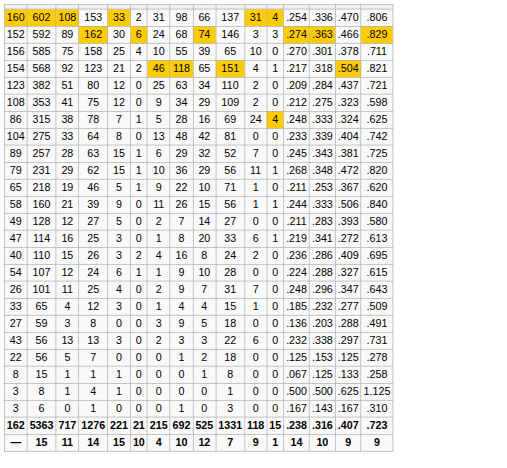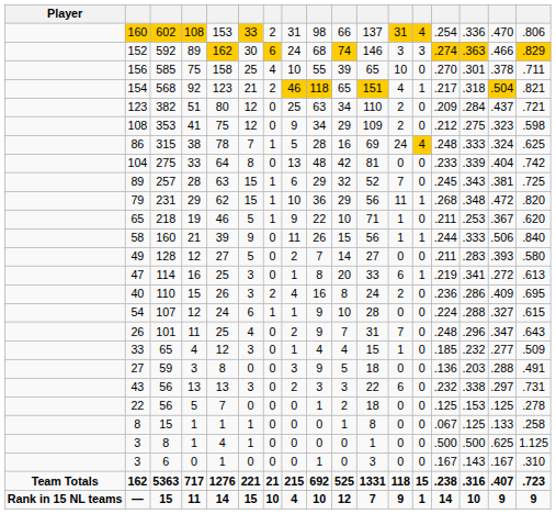 <table class="wikitable sortable">
 <tr>
+<th>Player</th>
 <th></th>
 <th></th>
 <th></th>
 <th></th>
 <th></th>
 <th></th>
 <th></th>
 <th></th>
 <th></th>
 <th></th>
 <th></th>
 <th></th>
 <th></th>
 <th></th>
 <th></th>
 <th></th>
 </tr>
 <tr align=center>
+<td></td>
 <td bgcolor=#ffcc00>160</td>
 <td bgcolor=#ffcc00>602</td>
 <td bgcolor=#ffcc00>108</td>
 <td>153</td>
 <td bgcolor=#ffcc00>33</td>
 <td>2</td>
 <td>31</td>
 <td>98</td>
 <td>66</td>
 <td>137</td>
 <td bgcolor=#ffcc00>31</td>
 <td bgcolor=#ffcc00>4</td>
 <td>.254</td>
 <td>.336</td>
 <td>.470</td>
 <td>.806</td>
 </tr>
 <tr align=center>
+<td></td>
 <td>152</td>
 <td>592</td>
 <td>89</td>
 <td bgcolor=#ffcc00>162</td>
 <td>30</td>
 <td bgcolor=#ffcc00>6</td>
 <td>24</td>
 <td>68</td>
 <td bgcolor=#ffcc00>74</td>
 <td>146</td>
 <td>3</td>
 <td>3</td>
 <td bgcolor=#ffcc00>.274</td>
 <td bgcolor=#ffcc00>.363</td>
 <td>.466</td>
 <td bgcolor=#ffcc00>.829</td>
 </tr>
 <tr align=center>
+<td></td>
 <td>156</td>
 <td>585</td>
 <td>75</td>
 <td>158</td>
 <td>25</td>
 <td>4</td>
 <td>10</td>
 <td>55</td>
 <td>39</td>
 <td>65</td>
 <td>10</td>
 <td>0</td>
 <td>.270</td>
 <td>.301</td>
 <td>.378</td>
 <td>.711</td>
 </tr>
 <tr align=center>
+<td></td>
 <td>154</td>
 <td>568</td>
 <td>92</td>
 <td>123</td>
 <td>21</td>
 <td>2</td>
 <td bgcolor=#ffcc00>46</td>
 <td bgcolor=#ffcc00>118</td>
 <td>65</td>
 <td bgcolor=#ffcc00>151</td>
 <td>4</td>
 <td>1</td>
 <td>.217</td>
 <td>.318</td>
 <td bgcolor=#ffcc00>.504</td>
 <td>.821</td>
 </tr>
 <tr align=center>
+<td></td>
 <td>123</td>
 <td>382</td>
 <td>51</td>
 <td>80</td>
 <td>12</td>
 <td>0</td>
 <td>25</td>
 <td>63</td>
 <td>34</td>
 <td>110</td>
 <td>2</td>
 <td>0</td>
 <td>.209</td>
 <td>.284</td>
 <td>.437</td>
 <td>.721</td>
 </tr>
 <tr align=center>
+<td></td>
 <td>108</td>
 <td>353</td>
 <td>41</td>
 <td>75</td>
 <td>12</td>
 <td>0</td>
 <td>9</td>
 <td>34</td>
 <td>29</td>
 <td>109</td>
 <td>2</td>
 <td>0</td>
 <td>.212</td>
 <td>.275</td>
 <td>.323</td>
 <td>.598</td>
 </tr>
 <tr align=center>
+<td></td>
 <td>86</td>
 <td>315</td>
 <td>38</td>
 <td>78</td>
 <td>7</td>
 <td>1</td>
 <td>5</td>
 <td>28</td>
 <td>16</td>
 <td>69</td>
 <td>24</td>
 <td bgcolor=#ffcc00>4</td>
 <td>.248</td>
 <td>.333</td>
 <td>.324</td>
 <td>.625</td>
 </tr>
 <tr align=center>
+<td></td>
 <td>104</td>
 <td>275</td>
 <td>33</td>
 <td>64</td>
 <td>8</td>
 <td>0</td>
 <td>13</td>
 <td>48</td>
 <td>42</td>
 <td>81</td>
 <td>0</td>
 <td>0</td>
 <td>.233</td>
 <td>.339</td>
 <td>.404</td>
 <td>.742</td>
 </tr>
 <tr align=center>
+<td></td>
 <td>89</td>
 <td>257</td>
 <td>28</td>
 <td>63</td>
 <td>15</td>
 <td>1</td>
 <td>6</td>
 <td>29</td>
 <td>32</td>
 <td>52</td>
 <td>7</td>
 <td>0</td>
 <td>.245</td>
 <td>.343</td>
 <td>.381</td>
 <td>.725</td>
 </tr>
 <tr align=center>
+<td></td>
 <td>79</td>
 <td>231</td>
 <td>29</td>
 <td>62</td>
 <td>15</td>
 <td>1</td>
 <td>10</td>
 <td>36</td>
 <td>29</td>
 <td>56</td>
 <td>11</td>
 <td>1</td>
 <td>.268</td>
 <td>.348</td>
 <td>.472</td>
 <td>.820</td>
 </tr>
 <tr align=center>
+<td></td>
 <td>65</td>
 <td>218</td>
 <td>19</td>
 <td>46</td>
 <td>5</td>
 <td>1</td>
 <td>9</td>
 <td>22</td>
 <td>10</td>
 <td>71</td>
 <td>1</td>
 <td>0</td>
 <td>.211</td>
 <td>.253</td>
 <td>.367</td>
 <td>.620</td>
 </tr>
 <tr align=center>
+<td></td>
 <td>58</td>
 <td>160</td>
 <td>21</td>
 <td>39</td>
 <td>9</td>
 <td>0</td>
 <td>11</td>
 <td>26</td>
 <td>15</td>
 <td>56</td>
 <td>1</td>
 <td>1</td>
 <td>.244</td>
 <td>.333</td>
 <td>.506</td>
 <td>.840</td>
 </tr>
 <tr align=center>
+<td></td>
 <td>49</td>
 <td>128</td>
 <td>12</td>
 <td>27</td>
 <td>5</td>
 <td>0</td>
 <td>2</td>
 <td>7</td>
 <td>14</td>
 <td>27</td>
 <td>0</td>
 <td>0</td>
 <td>.211</td>
 <td>.283</td>
 <td>.393</td>
 <td>.580</td>
 </tr>
 <tr align=center>
+<td></td>
 <td>47</td>
 <td>114</td>
 <td>16</td>
 <td>25</td>
 <td>3</td>
 <td>0</td>
 <td>1</td>
 <td>8</td>
 <td>20</td>
 <td>33</td>
 <td>6</td>
 <td>1</td>
 <td>.219</td>
 <td>.341</td>
 <td>.272</td>
 <td>.613</td>
 </tr>
 <tr align=center>
+<td></td>
 <td>40</td>
 <td>110</td>
 <td>15</td>
 <td>26</td>
 <td>3</td>
 <td>2</td>
 <td>4</td>
 <td>16</td>
 <td>8</td>
 <td>24</td>
 <td>2</td>
 <td>0</td>
 <td>.236</td>
 <td>.286</td>
 <td>.409</td>
 <td>.695</td>
 </tr>
 <tr align=center>
+<td></td>
 <td>54</td>
 <td>107</td>
 <td>12</td>
 <td>24</td>
 <td>6</td>
 <td>1</td>
 <td>1</td>
 <td>9</td>
 <td>10</td>
 <td>28</td>
 <td>0</td>
 <td>0</td>
 <td>.224</td>
 <td>.288</td>
 <td>.327</td>
 <td>.615</td>
 </tr>
 <tr align=center>
+<td></td>
 <td>26</td>
 <td>101</td>
 <td>11</td>
 <td>25</td>
 <td>4</td>
 <td>0</td>
 <td>2</td>
 <td>9</td>
 <td>7</td>
 <td>31</td>
 <td>7</td>
 <td>0</td>
 <td>.248</td>
 <td>.296</td>
 <td>.347</td>
 <td>.643</td>
 </tr>
 <tr align=center>
+<td></td>
 <td>33</td>
 <td>65</td>
 <td>4</td>
 <td>12</td>
 <td>3</td>
 <td>0</td>
 <td>1</td>
 <td>4</td>
 <td>4</td>
 <td>15</td>
 <td>1</td>
 <td>0</td>
 <td>.185</td>
 <td>.232</td>
 <td>.277</td>
 <td>.509</td>
 </tr>
 <tr align=center>
+<td></td>
 <td>27</td>
 <td>59</td>
 <td>3</td>
 <td>8</td>
 <td>0</td>
 <td>0</td>
 <td>3</td>
 <td>9</td>
 <td>5</td>
 <td>18</td>
 <td>0</td>
 <td>0</td>
 <td>.136</td>
 <td>.203</td>
 <td>.288</td>
 <td>.491</td>
 </tr>
 <tr align=center>
+<td></td>
 <td>43</td>
 <td>56</td>
 <td>13</td>
 <td>13</td>
 <td>3</td>
 <td>0</td>
 <td>2</td>
 <td>3</td>
 <td>3</td>
 <td>22</td>
 <td>6</td>
 <td>0</td>
 <td>.232</td>
 <td>.338</td>
 <td>.297</td>
 <td>.731</td>
 </tr>
 <tr align=center>
+<td></td>
 <td>22</td>
 <td>56</td>
 <td>5</td>
 <td>7</td>
 <td>0</td>
 <td>0</td>
 <td>0</td>
 <td>1</td>
 <td>2</td>
 <td>18</td>
 <td>0</td>
 <td>0</td>
 <td>.125</td>
 <td>.153</td>
 <td>.125</td>
 <td>.278</td>
 </tr>
 <tr align=center>
+<td></td>
 <td>8</td>
 <td>15</td>
 <td>1</td>
 <td>1</td>
 <td>1</td>
 <td>0</td>
 <td>0</td>
 <td>0</td>
 <td>1</td>
 <td>8</td>
 <td>0</td>
 <td>0</td>
 <td>.067</td>
 <td>.125</td>
 <td>.133</td>
 <td>.258</td>
 </tr>
 <tr align=center>
+<td></td>
 <td>3</td>
 <td>8</td>
 <td>1</td>
 <td>4</td>
 <td>1</td>
 <td>0</td>
 <td>0</td>
 <td>0</td>
 <td>0</td>
 <td>1</td>
 <td>0</td>
 <td>0</td>
 <td>.500</td>
 <td>.500</td>
 <td>.625</td>
 <td>1.125</td>
 </tr>
 <tr align=center>
+<td></td>
 <td>3</td>
 <td>6</td>
 <td>0</td>
 <td>1</td>
 <td>0</td>
 <td>0</td>
 <td>0</td>
 <td>1</td>
 <td>0</td>
 <td>3</td>
 <td>0</td>
 <td>0</td>
 <td>.167</td>
 <td>.143</td>
 <td>.167</td>
 <td>.310</td>
 </tr>
 <tr align=center>
+<td><strong>Team Totals</strong></td>
 <td><strong>162</strong></td>
 <td><strong>5363</strong></td>
 <td><strong>717</strong></td>
 <td><strong>1276</strong></td>
 <td><strong>221</strong></td>
 <td><strong>21</strong></td>
 <td><strong>215</strong></td>
 <td><strong>692</strong></td>
 <td><strong>525</strong></td>
 <td><strong>1331</strong></td>
 <td><strong>118</strong></td>
 <td><strong>15</strong></td>
 <td><strong>.238</strong></td>
 <td><strong>.316</strong></td>
 <td><strong>.407</strong></td>
 <td><strong>.723</strong></td>
 </tr>
 <tr align=center>
+<td><strong>Rank in 15 NL teams</strong></td>
 <td><strong>—</strong></td>
 <td><strong>15</strong></td>
 <td><strong>11</strong></td>
 <td><strong>14</strong></td>
 <td><strong>15</strong></td>
 <td><strong>10</strong></td>
 <td><strong>4</strong></td>
 <td><strong>10</strong></td>
 <td><strong>12</strong></td>
 <td><strong>7</strong></td>
 <td><strong>9</strong></td>
 <td><strong>1</strong></td>
 <td><strong>14</strong></td>
 <td><strong>10</strong></td>
 <td><strong>9</strong></td>
 <td><strong>9</strong></td>
 </tr>
 </table>
